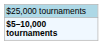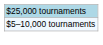 <table class="wikitable"  style="font-size:85%; width:12%;">
 <tr style="background:lightblue;">
 <td>$25,000 tournaments</td>
 </tr>
 <tr style="background:#f0f8ff;">
-<td><strong>$5–10,000 tournaments</strong></td>
+<td>$5–10,000 tournaments</td>
 </tr>
 </table>
